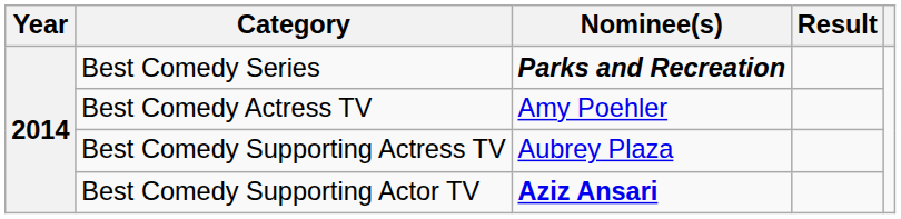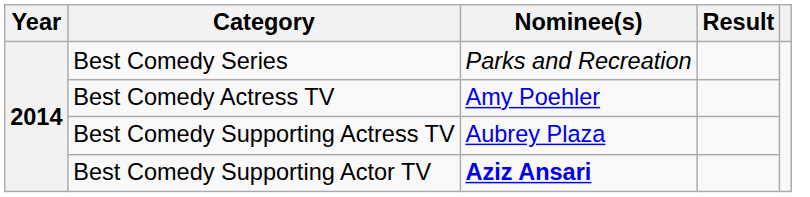 <table class="wikitable plainrowheaders">
 <tr>
 <th scope="col">Year</th>
 <th scope="col">Category</th>
 <th scope="col">Nominee(s)</th>
 <th scope="col">Result</th>
 <th scope="col"></th>
 </tr>
 <tr>
 <th scope="row" rowspan="4">2014</th>
 <td>Best Comedy Series</td>
-<td><strong><em>Parks and Recreation</em></strong></td>
+<td><em>Parks and Recreation</em></td>
 <td></td>
 <td style="text-align:center;" rowspan="4"></td>
 </tr>
 <tr>
 <td>Best Comedy Actress  TV</td>
 <td><a href='#'>Amy Poehler</a></td>
 <td></td>
 </tr>
 <tr>
 <td>Best Comedy Supporting Actress  TV</td>
 <td><a href='#'>Aubrey Plaza</a></td>
 <td></td>
 </tr>
 <tr>
 <td>Best Comedy Supporting Actor  TV</td>
 <td><strong><a href='#'>Aziz Ansari</a></strong></td>
 <td></td>
 </tr>
 </table>
